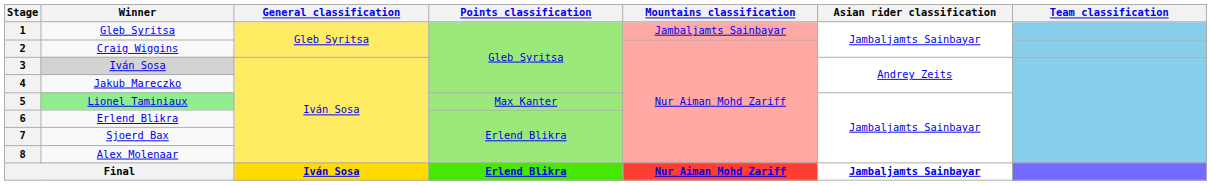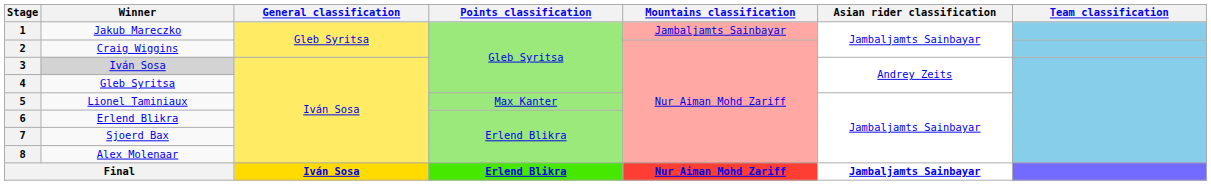 <table class="wikitable" style="text-align: center; font-size:smaller;">
 <tr style="background:#efefef;">
 <th style="width:1%;">Stage</th>
 <th style="width:16.5%;">Winner</th>
 <th style="width:16.5%;"><a href='#'>General classification</a><br></th>
 <th style="width:16.5%;"><a href='#'>Points classification</a><br></th>
 <th style="width:16.5%;"><a href='#'>Mountains classification</a><br></th>
 <th style="width:16.5%;">Asian rider classification<br></th>
 <th style="width:16.5%;"><a href='#'>Team classification</a></th>
 </tr>
 <tr>
 <th>1</th>
-<td><a href='#'>Gleb Syritsa</a></td>
+<td><a href='#'>Jakub Mareczko</a></td>
 <td style="background:#FFEB64;" rowspan=2><a href='#'>Gleb Syritsa</a></td>
 <td style="background:#9CE97B;" rowspan=4><a href='#'>Gleb Syritsa</a></td>
 <td style="background:#FFA8A4;"><a href='#'>Jambaljamts Sainbayar</a></td>
 <td style="background:white;" rowspan=2><a href='#'>Jambaljamts Sainbayar</a></td>
 <td style="background:skyblue;"></td>
 </tr>
 <tr>
 <th>2</th>
 <td><a href='#'>Craig Wiggins</a></td>
 <td style="background:#FFA8A4;" rowspan=7><a href='#'>Nur Aiman Mohd Zariff</a></td>
 <td style="background:skyblue;"></td>
 </tr>
 <tr>
 <th>3</th>
 <td style="background: lightgrey;"><a href='#'>Iván Sosa</a></td>
 <td style="background:#FFEB64;" rowspan=6><a href='#'>Iván Sosa</a></td>
 <td style="background:white;" rowspan=2><a href='#'>Andrey Zeits</a></td>
 <td style="background:skyblue;" rowspan=6></td>
 </tr>
 <tr>
 <th>4</th>
-<td><a href='#'>Jakub Mareczko</a></td>
+<td><a href='#'>Gleb Syritsa</a></td>
 </tr>
 <tr>
 <th>5</th>
-<td style="background: lightgreen;"><a href='#'>Lionel Taminiaux</a></td>
+<td><a href='#'>Lionel Taminiaux</a></td>
 <td style="background:#9CE97B;"><a href='#'>Max Kanter</a></td>
 <td style="background:white;" rowspan=4><a href='#'>Jambaljamts Sainbayar</a></td>
 </tr>
 <tr>
 <th>6</th>
 <td><a href='#'>Erlend Blikra</a></td>
 <td style="background:#9CE97B;" rowspan=3><a href='#'>Erlend Blikra</a></td>
 </tr>
 <tr>
 <th>7</th>
 <td><a href='#'>Sjoerd Bax</a></td>
 </tr>
 <tr>
 <th>8</th>
 <td><a href='#'>Alex Molenaar</a></td>
 </tr>
 <tr>
 <th colspan="2">Final</th>
 <th style="background:#FFDB00;"><a href='#'>Iván Sosa</a></th>
 <th style="background:#46E800;"><a href='#'>Erlend Blikra</a></th>
 <th style="background:#FF3E33;"><a href='#'>Nur Aiman Mohd Zariff</a></th>
 <th style="background:white;"><a href='#'>Jambaljamts Sainbayar</a></th>
 <th style="background:#736aff;"></th>
 </tr>
 </table>
